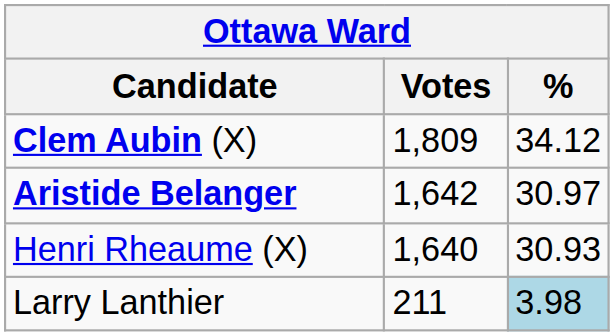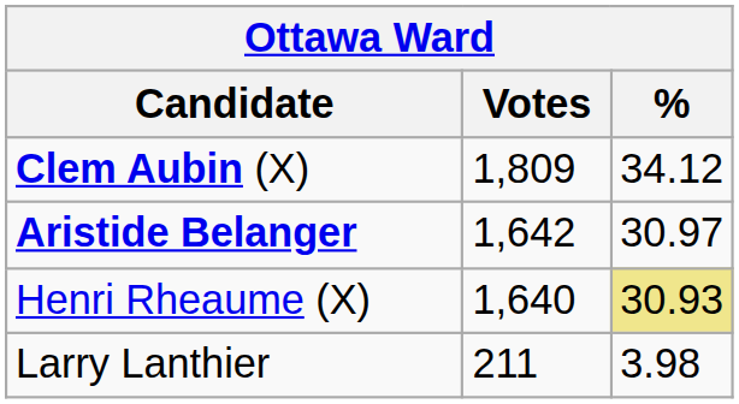 <table class="wikitable">
 <tr>
 <th colspan="3"><a href='#'>Ottawa Ward</a></th>
 </tr>
 <tr>
 <th style="width: 170px">Candidate</th>
 <th style="width: 50px">Votes</th>
 <th style="width: 40px">%</th>
 </tr>
 <tr>
 <td><strong><a href='#'>Clem Aubin</a></strong> (X)</td>
 <td>1,809</td>
 <td>34.12</td>
 </tr>
 <tr>
 <td><strong><a href='#'>Aristide Belanger</a></strong></td>
 <td>1,642</td>
 <td>30.97</td>
 </tr>
 <tr>
 <td><a href='#'>Henri Rheaume</a> (X)</td>
 <td>1,640</td>
-<td>30.93</td>
+<td style="background: khaki;">30.93</td>
 </tr>
 <tr>
 <td>Larry Lanthier</td>
 <td>211</td>
-<td style="background: lightblue;">3.98</td>
+<td>3.98</td>
 </tr>
 </table>
